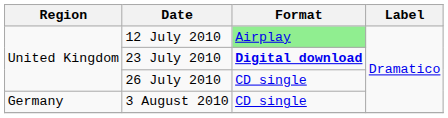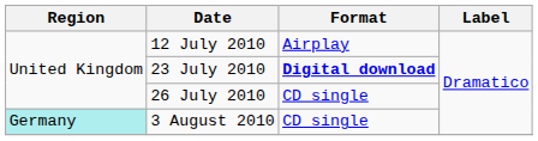 <table class=wikitable>
 <tr>
 <th>Region</th>
 <th>Date</th>
 <th>Format</th>
 <th>Label</th>
 </tr>
 <tr>
 <td rowspan="3">United Kingdom</td>
 <td>12 July 2010</td>
-<td style="background: lightgreen;"><a href='#'>Airplay</a></td>
+<td><a href='#'>Airplay</a></td>
 <td rowspan="4"><a href='#'>Dramatico</a></td>
 </tr>
 <tr>
 <td>23 July 2010<br></td>
 <td><strong><a href='#'>Digital download</a></strong></td>
 </tr>
 <tr>
 <td>26 July 2010</td>
 <td><a href='#'>CD single</a></td>
 </tr>
 <tr>
-<td rowspan="1">Germany</td>
+<td rowspan="1" style="background: paleturquoise;">Germany</td>
 <td>3 August 2010</td>
 <td><a href='#'>CD single</a></td>
 </tr>
 <tr>
 </tr>
 </table>
